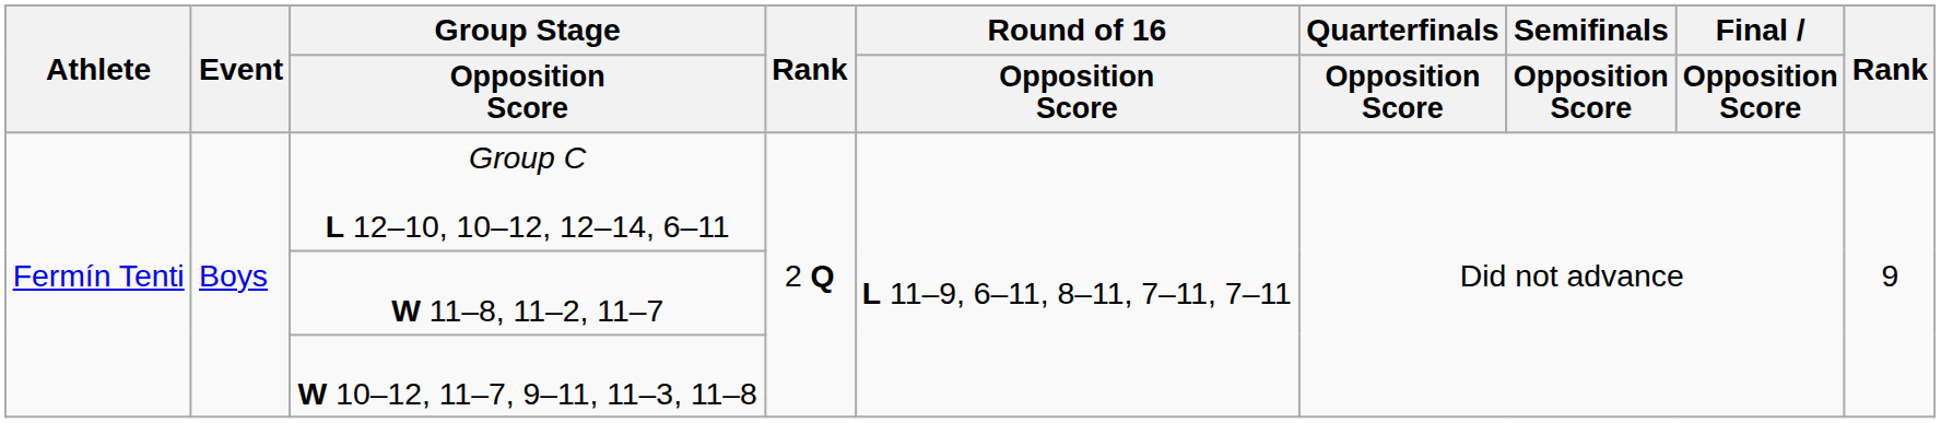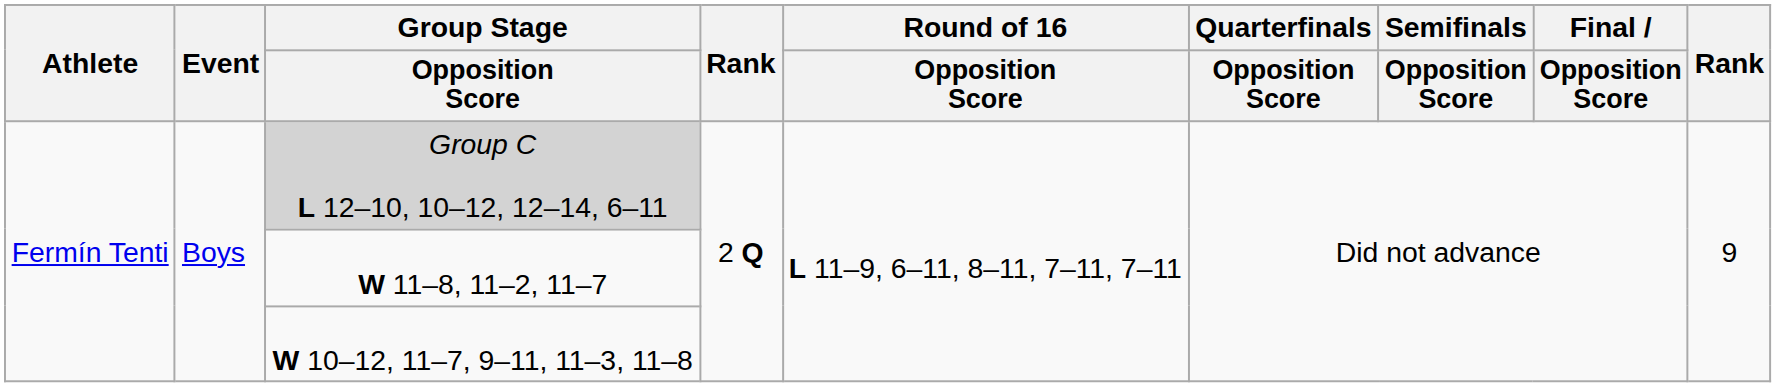 <table class=wikitable style="font-size:90%">
 <tr>
 <th rowspan="2">Athlete</th>
 <th rowspan="2">Event</th>
 <th>Group Stage</th>
 <th rowspan="2">Rank</th>
 <th>Round of 16</th>
 <th>Quarterfinals</th>
 <th>Semifinals</th>
 <th>Final / </th>
 <th rowspan=2>Rank</th>
 </tr>
 <tr style="font-size:95%">
 <th>Opposition<br>Score</th>
 <th>Opposition<br>Score</th>
 <th>Opposition<br>Score</th>
 <th>Opposition<br>Score</th>
 <th>Opposition<br>Score</th>
 </tr>
 <tr align=center>
 <td align=left rowspan=3><a href='#'>Fermín Tenti</a></td>
 <td align=left rowspan=3><a href='#'>Boys</a></td>
-<td><em>Group C</em><br><br><strong>L</strong> 12–10, 10–12, 12–14, 6–11</td>
+<td style="background: lightgrey;"><em>Group C</em><br><br><strong>L</strong> 12–10, 10–12, 12–14, 6–11</td>
 <td rowspan=3>2 <strong>Q</strong></td>
 <td rowspan=3><br><strong>L</strong> 11–9, 6–11, 8–11, 7–11, 7–11</td>
 <td rowspan=3 colspan=3>Did not advance</td>
 <td rowspan=3>9</td>
 </tr>
 <tr align=center>
 <td><br><strong>W</strong> 11–8, 11–2, 11–7</td>
 </tr>
 <tr align=center>
 <td><br><strong>W</strong> 10–12, 11–7, 9–11, 11–3, 11–8</td>
 </tr>
 </table>
